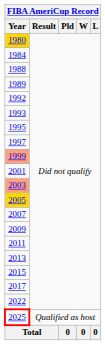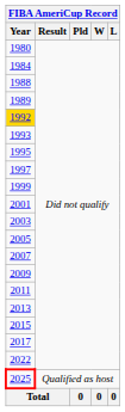 <table class="wikitable" style="text-align: center;font-size:90%;">
 <tr>
 <th colspan=5><a href='#'>FIBA AmeriCup Record</a></th>
 </tr>
 <tr>
 <th>Year</th>
 <th>Result</th>
 <th>Pld</th>
 <th>W</th>
 <th>L</th>
 </tr>
 <tr>
-<td style="background: gold;"> <a href='#'>1980</a></td>
+<td> <a href='#'>1980</a></td>
 <td rowspan=19 colspan=4><em>Did not qualify</em></td>
 </tr>
 <tr>
 <td> <a href='#'>1984</a></td>
 </tr>
 <tr>
 <td> <a href='#'>1988</a></td>
 </tr>
 <tr>
 <td> <a href='#'>1989</a></td>
 </tr>
 <tr>
-<td> <a href='#'>1992</a></td>
+<td style="background: gold;"> <a href='#'>1992</a></td>
 </tr>
 <tr>
 <td> <a href='#'>1993</a></td>
 </tr>
 <tr>
 <td> <a href='#'>1995</a></td>
 </tr>
 <tr>
 <td> <a href='#'>1997</a></td>
 </tr>
 <tr>
-<td style="background: lightsalmon;"> <a href='#'>1999</a></td>
+<td> <a href='#'>1999</a></td>
 </tr>
 <tr>
 <td> <a href='#'>2001</a></td>
 </tr>
 <tr>
-<td style="background: lightsalmon;"> <a href='#'>2003</a></td>
+<td> <a href='#'>2003</a></td>
 </tr>
 <tr>
-<td style="background: gold;"> <a href='#'>2005</a></td>
+<td> <a href='#'>2005</a></td>
 </tr>
 <tr>
 <td> <a href='#'>2007</a></td>
 </tr>
 <tr>
 <td> <a href='#'>2009</a></td>
 </tr>
 <tr>
 <td> <a href='#'>2011</a></td>
 </tr>
 <tr>
 <td> <a href='#'>2013</a></td>
 </tr>
 <tr>
 <td> <a href='#'>2015</a></td>
 </tr>
 <tr>
 <td> <a href='#'>2017</a></td>
 </tr>
 <tr>
 <td> <a href='#'>2022</a></td>
 </tr>
 <tr>
 <td style="border: 3px solid red"> <a href='#'>2025</a></td>
 <td colspan=4><em>Qualified as host</em></td>
 </tr>
 <tr>
 <th colspan=2>Total</th>
 <th>0</th>
 <th>0</th>
 <th>0</th>
 </tr>
 </table>
